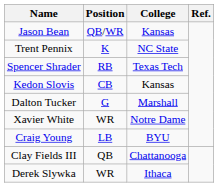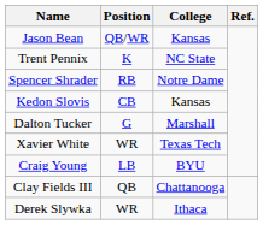 <table class="wikitable" style="text-align:center">
 <tr>
 <th>Name</th>
 <th>Position</th>
 <th>College</th>
 <th>Ref.</th>
 </tr>
 <tr>
 <td><a href='#'>Jason Bean</a></td>
 <td><a href='#'>QB</a>/<a href='#'>WR</a></td>
 <td><a href='#'>Kansas</a></td>
 <td rowspan="7"></td>
 </tr>
 <tr>
 <td>Trent Pennix</td>
 <td><a href='#'>K</a></td>
 <td><a href='#'>NC State</a></td>
 </tr>
 <tr>
 <td><a href='#'>Spencer Shrader</a></td>
 <td><a href='#'>RB</a></td>
-<td><a href='#'>Texas Tech</a></td>
+<td><a href='#'>Notre Dame</a></td>
 </tr>
 <tr>
 <td><a href='#'>Kedon Slovis</a></td>
 <td><a href='#'>CB</a></td>
 <td>Kansas</td>
 </tr>
 <tr>
 <td>Dalton Tucker</td>
 <td><a href='#'>G</a></td>
 <td><a href='#'>Marshall</a></td>
 </tr>
 <tr>
 <td>Xavier White</td>
 <td>WR</td>
-<td><a href='#'>Notre Dame</a></td>
+<td><a href='#'>Texas Tech</a></td>
 </tr>
 <tr>
 <td><a href='#'>Craig Young</a></td>
 <td><a href='#'>LB</a></td>
 <td><a href='#'>BYU</a></td>
 </tr>
 <tr>
 <td>Clay Fields III</td>
 <td>QB</td>
 <td><a href='#'>Chattanooga</a></td>
 <td rowspan="2"></td>
 </tr>
 <tr>
 <td>Derek Slywka</td>
 <td>WR</td>
 <td><a href='#'>Ithaca</a></td>
 </tr>
 </table>
